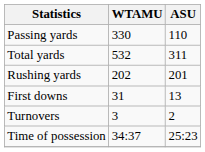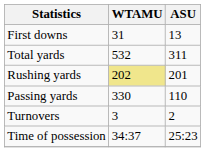 <table class="wikitable">
 <tr>
 <th>Statistics</th>
 <th>WTAMU</th>
 <th>ASU</th>
 </tr>
 <tr>
-<td>Passing yards</td>
-<td>330</td>
-<td>110</td>
+<td>First downs</td>
+<td>31</td>
+<td>13</td>
 </tr>
 <tr>
 <td>Total yards</td>
 <td>532</td>
 <td>311</td>
 </tr>
 <tr>
 <td>Rushing yards</td>
-<td>202</td>
+<td style="background: khaki;">202</td>
 <td>201</td>
 </tr>
 <tr>
-<td>First downs</td>
-<td>31</td>
-<td>13</td>
+<td>Passing yards</td>
+<td>330</td>
+<td>110</td>
 </tr>
 <tr>
 <td>Turnovers</td>
 <td>3</td>
 <td>2</td>
 </tr>
 <tr>
 <td>Time of possession</td>
 <td>34:37</td>
 <td>25:23</td>
 </tr>
 <tr>
 </tr>
 </table>
